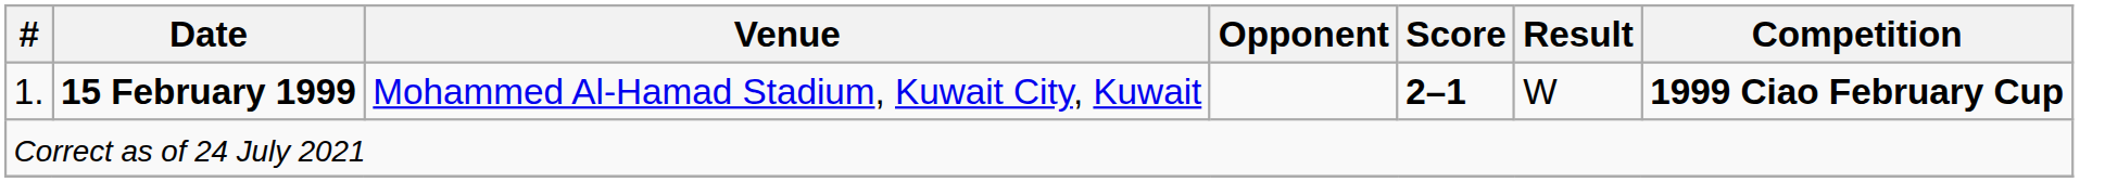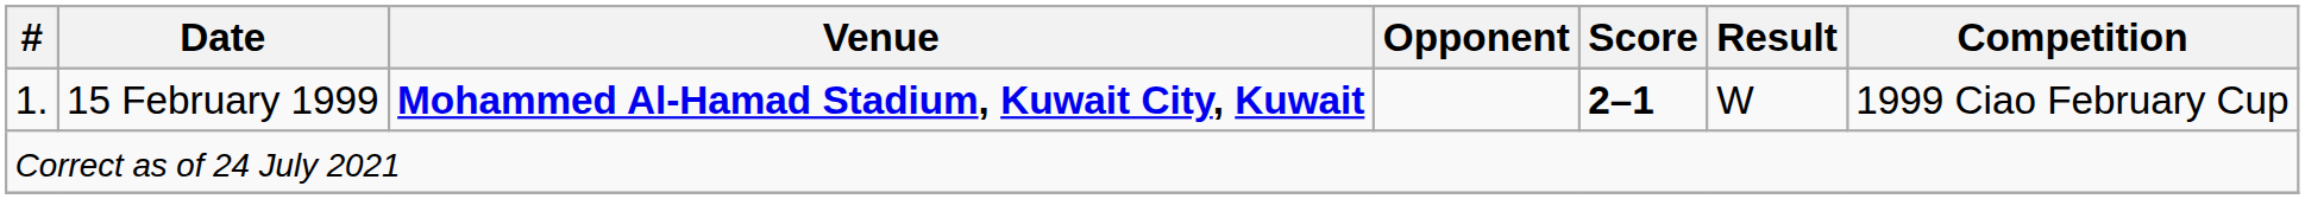 <table class="wikitable" style="font-size:95%;">
 <tr>
 <th>#</th>
 <th>Date</th>
 <th>Venue</th>
 <th>Opponent</th>
 <th>Score</th>
 <th>Result</th>
 <th>Competition</th>
 </tr>
 <tr>
 <td>1.</td>
-<td><strong>15 February 1999</strong></td>
-<td><a href='#'>Mohammed Al-Hamad Stadium</a>, <a href='#'>Kuwait City</a>, <a href='#'>Kuwait</a></td>
+<td>15 February 1999</td>
+<td><strong><a href='#'>Mohammed Al-Hamad Stadium</a>, <a href='#'>Kuwait City</a>, <a href='#'>Kuwait</a></strong></td>
 <td></td>
 <td><strong>2–1</strong></td>
 <td>W</td>
-<td><strong>1999 Ciao February Cup</strong></td>
+<td>1999 Ciao February Cup</td>
 </tr>
 <tr>
 <td colspan=18><small><em>Correct as of 24 July 2021</em></small></td>
 </tr>
 <tr>
 </tr>
 </table>
